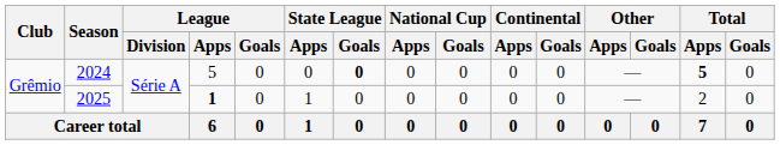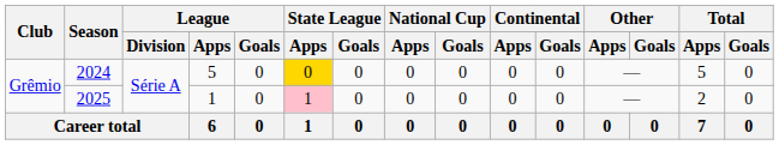 <table class="wikitable" style="text-align:center">
 <tr>
 <th rowspan="2">Club</th>
 <th rowspan="2">Season</th>
 <th colspan="3">League</th>
 <th colspan="2">State League</th>
 <th colspan="2">National Cup</th>
 <th colspan="2">Continental</th>
 <th colspan="2">Other</th>
 <th colspan="2">Total</th>
 </tr>
 <tr>
 <th>Division</th>
 <th>Apps</th>
 <th>Goals</th>
 <th>Apps</th>
 <th>Goals</th>
 <th>Apps</th>
 <th>Goals</th>
 <th>Apps</th>
 <th>Goals</th>
 <th>Apps</th>
 <th>Goals</th>
 <th>Apps</th>
 <th>Goals</th>
 </tr>
 <tr>
 <td rowspan="2"><a href='#'>Grêmio</a></td>
 <td><a href='#'>2024</a></td>
 <td rowspan="2"><a href='#'>Série A</a></td>
 <td>5</td>
 <td>0</td>
+<td style="background: gold;">0</td>
 <td>0</td>
-<td><strong>0</strong></td>
 <td>0</td>
 <td>0</td>
 <td>0</td>
 <td>0</td>
 <td colspan="2">—</td>
-<td><strong>5</strong></td>
+<td>5</td>
 <td>0</td>
 </tr>
 <tr>
 <td><a href='#'>2025</a></td>
-<td><strong>1</strong></td>
+<td>1</td>
 <td>0</td>
-<td>1</td>
+<td style="background: pink;">1</td>
 <td>0</td>
 <td>0</td>
 <td>0</td>
 <td>0</td>
 <td>0</td>
 <td colspan="2">—</td>
 <td>2</td>
 <td>0</td>
 </tr>
 <tr>
 <th colspan="3">Career total</th>
 <th>6</th>
 <th>0</th>
 <th>1</th>
 <th>0</th>
 <th>0</th>
 <th>0</th>
 <th>0</th>
 <th>0</th>
 <th>0</th>
 <th>0</th>
 <th>7</th>
 <th>0</th>
 </tr>
 </table>
